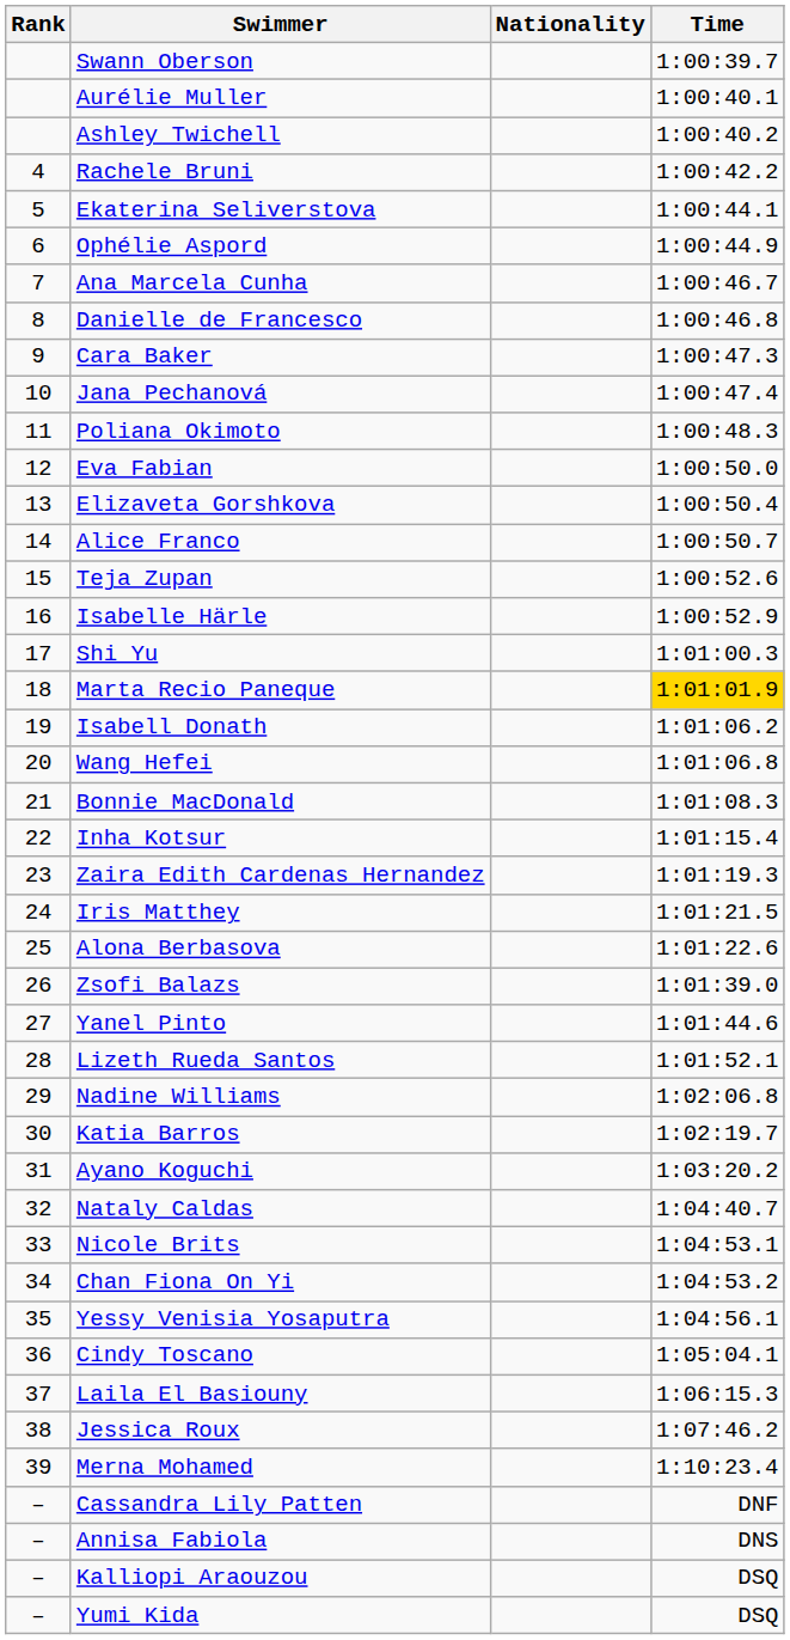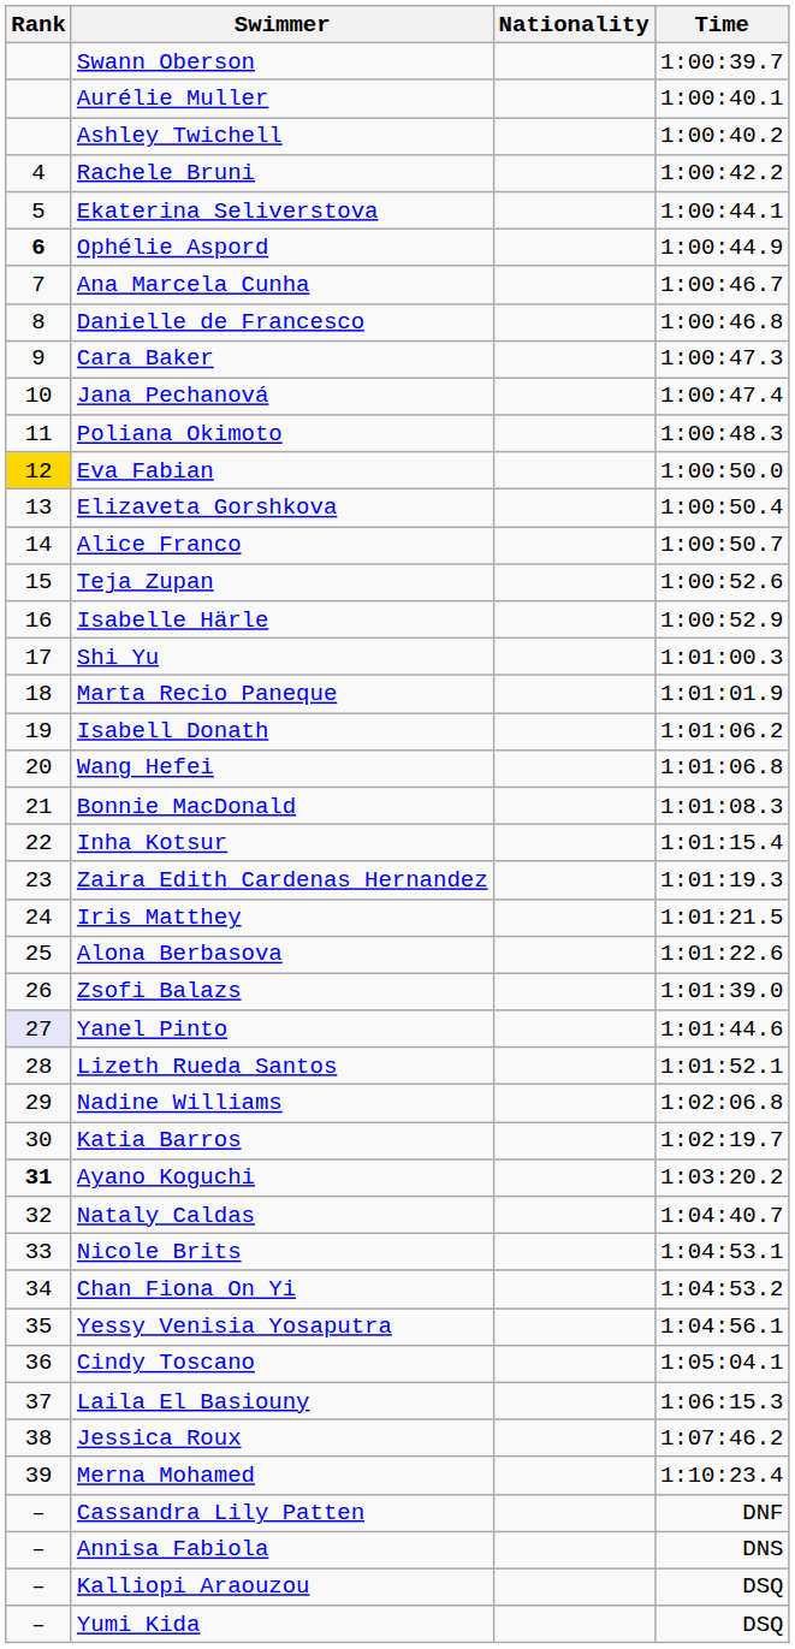 <table class="wikitable" border="1" style="text-align:center">
 <tr>
 <th>Rank</th>
 <th>Swimmer</th>
 <th>Nationality</th>
 <th>Time</th>
 </tr>
 <tr>
 <td></td>
 <td align=left><a href='#'>Swann Oberson</a></td>
 <td align=left></td>
 <td align=right>1:00:39.7</td>
 </tr>
 <tr>
 <td></td>
 <td align=left><a href='#'>Aurélie Muller</a></td>
 <td align=left></td>
 <td align=right>1:00:40.1</td>
 </tr>
 <tr>
 <td></td>
 <td align=left><a href='#'>Ashley Twichell</a></td>
 <td align=left></td>
 <td align=right>1:00:40.2</td>
 </tr>
 <tr>
 <td>4</td>
 <td align=left><a href='#'>Rachele Bruni</a></td>
 <td align=left></td>
 <td align=right>1:00:42.2</td>
 </tr>
 <tr>
 <td>5</td>
 <td align=left><a href='#'>Ekaterina Seliverstova</a></td>
 <td align=left></td>
 <td align=right>1:00:44.1</td>
 </tr>
 <tr>
-<td>6</td>
+<td><strong>6</strong></td>
 <td align=left><a href='#'>Ophélie Aspord</a></td>
 <td align=left></td>
 <td align=right>1:00:44.9</td>
 </tr>
 <tr>
 <td>7</td>
 <td align=left><a href='#'>Ana Marcela Cunha</a></td>
 <td align=left></td>
 <td align=right>1:00:46.7</td>
 </tr>
 <tr>
 <td>8</td>
 <td align=left><a href='#'>Danielle de Francesco</a></td>
 <td align=left></td>
 <td align=right>1:00:46.8</td>
 </tr>
 <tr>
 <td>9</td>
 <td align=left><a href='#'>Cara Baker</a></td>
 <td align=left></td>
 <td align=right>1:00:47.3</td>
 </tr>
 <tr>
 <td>10</td>
 <td align=left><a href='#'>Jana Pechanová</a></td>
 <td align=left></td>
 <td align=right>1:00:47.4</td>
 </tr>
 <tr>
 <td>11</td>
 <td align=left><a href='#'>Poliana Okimoto</a></td>
 <td align=left></td>
 <td align=right>1:00:48.3</td>
 </tr>
 <tr>
-<td>12</td>
+<td style="background: gold;">12</td>
 <td align=left><a href='#'>Eva Fabian</a></td>
 <td align=left></td>
 <td align=right>1:00:50.0</td>
 </tr>
 <tr>
 <td>13</td>
 <td align=left><a href='#'>Elizaveta Gorshkova</a></td>
 <td align=left></td>
 <td align=right>1:00:50.4</td>
 </tr>
 <tr>
 <td>14</td>
 <td align=left><a href='#'>Alice Franco</a></td>
 <td align=left></td>
 <td align=right>1:00:50.7</td>
 </tr>
 <tr>
 <td>15</td>
 <td align=left><a href='#'>Teja Zupan</a></td>
 <td align=left></td>
 <td align=right>1:00:52.6</td>
 </tr>
 <tr>
 <td>16</td>
 <td align=left><a href='#'>Isabelle Härle</a></td>
 <td align=left></td>
 <td align=right>1:00:52.9</td>
 </tr>
 <tr>
 <td>17</td>
 <td align=left><a href='#'>Shi Yu</a></td>
 <td align=left></td>
 <td align=right>1:01:00.3</td>
 </tr>
 <tr>
 <td>18</td>
 <td align=left><a href='#'>Marta Recio Paneque</a></td>
 <td align=left></td>
-<td align=right style="background: gold;">1:01:01.9</td>
+<td align=right>1:01:01.9</td>
 </tr>
 <tr>
 <td>19</td>
 <td align=left><a href='#'>Isabell Donath</a></td>
 <td align=left></td>
 <td align=right>1:01:06.2</td>
 </tr>
 <tr>
 <td>20</td>
 <td align=left><a href='#'>Wang Hefei</a></td>
 <td align=left></td>
 <td align=right>1:01:06.8</td>
 </tr>
 <tr>
 <td>21</td>
 <td align=left><a href='#'>Bonnie MacDonald</a></td>
 <td align=left></td>
 <td align=right>1:01:08.3</td>
 </tr>
 <tr>
 <td>22</td>
 <td align=left><a href='#'>Inha Kotsur</a></td>
 <td align=left></td>
 <td align=right>1:01:15.4</td>
 </tr>
 <tr>
 <td>23</td>
 <td align=left><a href='#'>Zaira Edith Cardenas Hernandez</a></td>
 <td align=left></td>
 <td align=right>1:01:19.3</td>
 </tr>
 <tr>
 <td>24</td>
 <td align=left><a href='#'>Iris Matthey</a></td>
 <td align=left></td>
 <td align=right>1:01:21.5</td>
 </tr>
 <tr>
 <td>25</td>
 <td align=left><a href='#'>Alona Berbasova</a></td>
 <td align=left></td>
 <td align=right>1:01:22.6</td>
 </tr>
 <tr>
 <td>26</td>
 <td align=left><a href='#'>Zsofi Balazs</a></td>
 <td align=left></td>
 <td align=right>1:01:39.0</td>
 </tr>
 <tr>
-<td>27</td>
+<td style="background: lavender;">27</td>
 <td align=left><a href='#'>Yanel Pinto</a></td>
 <td align=left></td>
 <td align=right>1:01:44.6</td>
 </tr>
 <tr>
 <td>28</td>
 <td align=left><a href='#'>Lizeth Rueda Santos</a></td>
 <td align=left></td>
 <td align=right>1:01:52.1</td>
 </tr>
 <tr>
 <td>29</td>
 <td align=left><a href='#'>Nadine Williams</a></td>
 <td align=left></td>
 <td align=right>1:02:06.8</td>
 </tr>
 <tr>
 <td>30</td>
 <td align=left><a href='#'>Katia Barros</a></td>
 <td align=left></td>
 <td align=right>1:02:19.7</td>
 </tr>
 <tr>
-<td>31</td>
+<td><strong>31</strong></td>
 <td align=left><a href='#'>Ayano Koguchi</a></td>
 <td align=left></td>
 <td align=right>1:03:20.2</td>
 </tr>
 <tr>
 <td>32</td>
 <td align=left><a href='#'>Nataly Caldas</a></td>
 <td align=left></td>
 <td align=right>1:04:40.7</td>
 </tr>
 <tr>
 <td>33</td>
 <td align=left><a href='#'>Nicole Brits</a></td>
 <td align=left></td>
 <td align=right>1:04:53.1</td>
 </tr>
 <tr>
 <td>34</td>
 <td align=left><a href='#'>Chan Fiona On Yi</a></td>
 <td align=left></td>
 <td align=right>1:04:53.2</td>
 </tr>
 <tr>
 <td>35</td>
 <td align=left><a href='#'>Yessy Venisia Yosaputra</a></td>
 <td align=left></td>
 <td align=right>1:04:56.1</td>
 </tr>
 <tr>
 <td>36</td>
 <td align=left><a href='#'>Cindy Toscano</a></td>
 <td align=left></td>
 <td align=right>1:05:04.1</td>
 </tr>
 <tr>
 <td>37</td>
 <td align=left><a href='#'>Laila El Basiouny</a></td>
 <td align=left></td>
 <td align=right>1:06:15.3</td>
 </tr>
 <tr>
 <td>38</td>
 <td align=left><a href='#'>Jessica Roux</a></td>
 <td align=left></td>
 <td align=right>1:07:46.2</td>
 </tr>
 <tr>
 <td>39</td>
 <td align=left><a href='#'>Merna Mohamed</a></td>
 <td align=left></td>
 <td align=right>1:10:23.4</td>
 </tr>
 <tr>
 <td>–</td>
 <td align=left><a href='#'>Cassandra Lily Patten</a></td>
 <td align=left></td>
 <td align=right>DNF</td>
 </tr>
 <tr>
 <td>–</td>
 <td align=left><a href='#'>Annisa Fabiola</a></td>
 <td align=left></td>
 <td align=right>DNS</td>
 </tr>
 <tr>
 <td>–</td>
 <td align=left><a href='#'>Kalliopi Araouzou</a></td>
 <td align=left></td>
 <td align=right>DSQ</td>
 </tr>
 <tr>
 <td>–</td>
 <td align=left><a href='#'>Yumi Kida</a></td>
 <td align=left></td>
 <td align=right>DSQ</td>
 </tr>
 </table>
